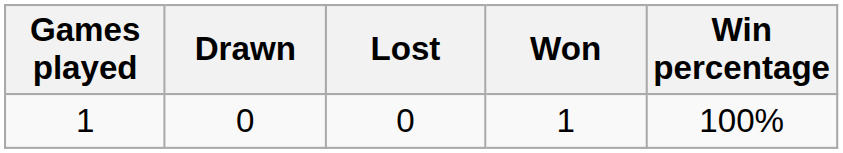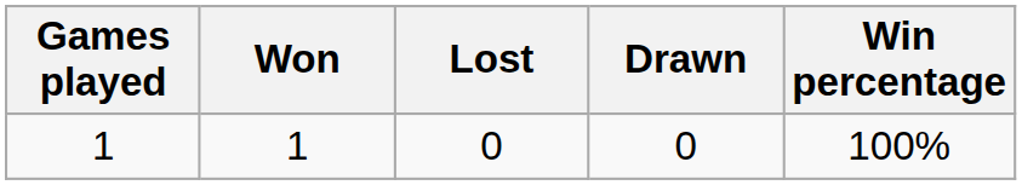 <table class="wikitable" style="text-align:center">
 <tr>
 <th width="70">Games played</th>
+<th width="70">Won</th>
+<th width="70">Lost</th>
 <th width="70">Drawn</th>
-<th width="70">Lost</th>
-<th width="70">Won</th>
 <th width="70">Win percentage</th>
 </tr>
 <tr>
 <td>1</td>
+<td>1</td>
 <td>0</td>
 <td>0</td>
-<td>1</td>
 <td>100%</td>
 </tr>
 </table>
